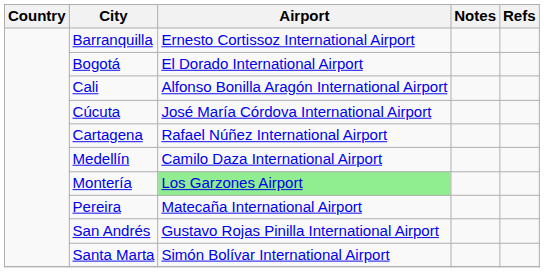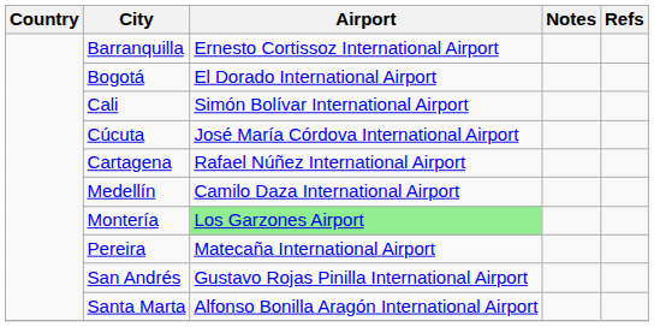 <table class="sortable wikitable">
 <tr>
 <th>Country</th>
 <th>City</th>
 <th>Airport</th>
 <th>Notes</th>
 <th class="unsortable">Refs</th>
 </tr>
 <tr>
 <td rowspan=10></td>
 <td><a href='#'>Barranquilla</a></td>
 <td><a href='#'>Ernesto Cortissoz International Airport</a></td>
 <td align=center></td>
 <td></td>
 </tr>
 <tr>
 <td><a href='#'>Bogotá</a></td>
 <td><a href='#'>El Dorado International Airport</a></td>
 <td></td>
 <td></td>
 </tr>
 <tr>
 <td><a href='#'>Cali</a></td>
-<td><a href='#'>Alfonso Bonilla Aragón International Airport</a></td>
+<td><a href='#'>Simón Bolívar International Airport</a></td>
 <td align=center></td>
 <td></td>
 </tr>
 <tr>
 <td><a href='#'>Cúcuta</a></td>
 <td><a href='#'>José María Córdova International Airport</a></td>
 <td align=center></td>
 <td></td>
 </tr>
 <tr>
 <td><a href='#'>Cartagena</a></td>
 <td><a href='#'>Rafael Núñez International Airport</a></td>
 <td align=center></td>
 <td></td>
 </tr>
 <tr>
 <td><a href='#'>Medellín</a></td>
 <td><a href='#'>Camilo Daza International Airport</a></td>
 <td></td>
 <td></td>
 </tr>
 <tr>
 <td><a href='#'>Montería</a></td>
 <td style="background: lightgreen;"><a href='#'>Los Garzones Airport</a></td>
 <td align=center></td>
 <td></td>
 </tr>
 <tr>
 <td><a href='#'>Pereira</a></td>
 <td><a href='#'>Matecaña International Airport</a></td>
 <td align=center></td>
 <td></td>
 </tr>
 <tr>
 <td><a href='#'>San Andrés</a></td>
 <td><a href='#'>Gustavo Rojas Pinilla International Airport</a></td>
 <td align=center></td>
 <td></td>
 </tr>
 <tr>
 <td><a href='#'>Santa Marta</a></td>
-<td><a href='#'>Simón Bolívar International Airport</a></td>
+<td><a href='#'>Alfonso Bonilla Aragón International Airport</a></td>
 <td align=center></td>
 <td></td>
 </tr>
 <tr>
 </tr>
 </table>
